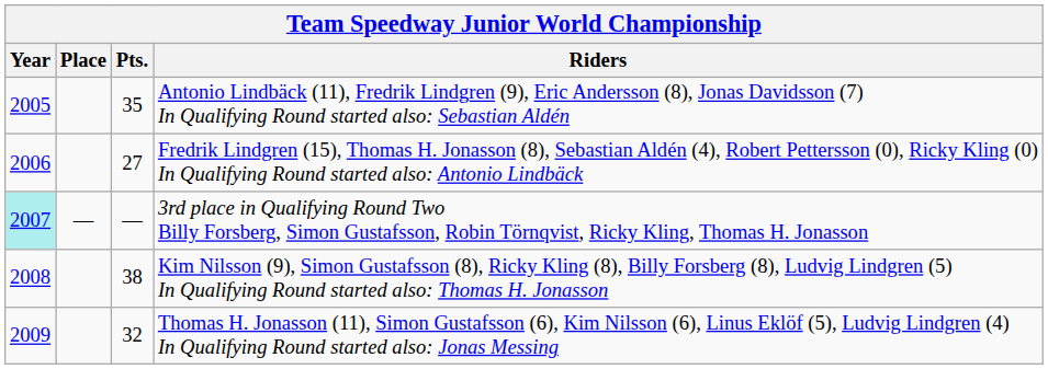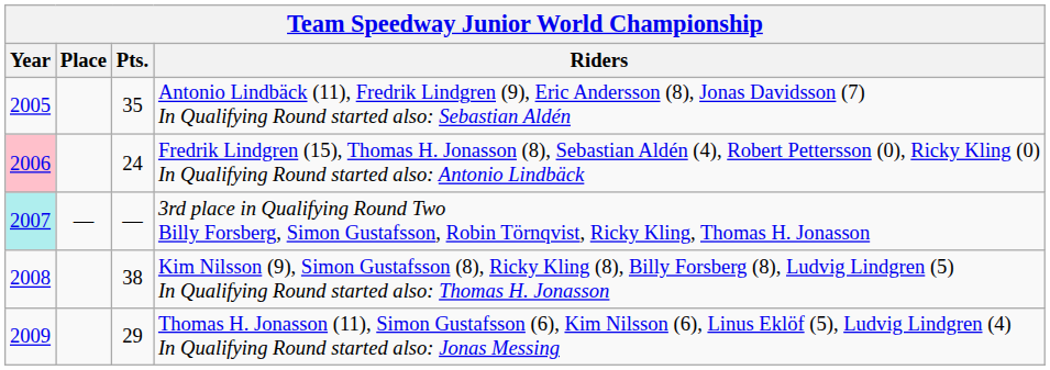 <table class=wikitable style="font-size: 90%;">
 <tr>
 <th colspan=4><big><a href='#'>Team Speedway Junior World Championship</a></big></th>
 </tr>
 <tr>
 <th>Year</th>
 <th>Place</th>
 <th>Pts.</th>
 <th>Riders</th>
 </tr>
 <tr align=center>
 <td><a href='#'>2005</a></td>
 <td></td>
 <td>35</td>
 <td align=left><a href='#'>Antonio Lindbäck</a> (11), <a href='#'>Fredrik Lindgren</a> (9), <a href='#'>Eric Andersson</a> (8), <a href='#'>Jonas Davidsson</a> (7) <br><em>In Qualifying Round started also: <a href='#'>Sebastian Aldén</a></em></td>
 </tr>
 <tr align=center>
-<td><a href='#'>2006</a></td>
+<td style="background: pink;"><a href='#'>2006</a></td>
 <td></td>
-<td>27</td>
+<td>24</td>
 <td align=left><a href='#'>Fredrik Lindgren</a> (15), <a href='#'>Thomas H. Jonasson</a> (8), <a href='#'>Sebastian Aldén</a> (4), <a href='#'>Robert Pettersson</a> (0), <a href='#'>Ricky Kling</a> (0) <br><em>In Qualifying Round started also: <a href='#'>Antonio Lindbäck</a></em></td>
 </tr>
 <tr align=center >
 <td style="background: paleturquoise;"><a href='#'>2007</a></td>
 <td>—</td>
 <td>—</td>
 <td align=left><em>3rd place in Qualifying Round Two</em> <br> <a href='#'>Billy Forsberg</a>, <a href='#'>Simon Gustafsson</a>, <a href='#'>Robin Törnqvist</a>, <a href='#'>Ricky Kling</a>, <a href='#'>Thomas H. Jonasson</a></td>
 </tr>
 <tr align=center>
 <td><a href='#'>2008</a></td>
 <td></td>
 <td>38</td>
 <td align=left><a href='#'>Kim Nilsson</a> (9), <a href='#'>Simon Gustafsson</a> (8), <a href='#'>Ricky Kling</a> (8), <a href='#'>Billy Forsberg</a> (8), <a href='#'>Ludvig Lindgren</a> (5) <br><em>In Qualifying Round started also: <a href='#'>Thomas H. Jonasson</a></em></td>
 </tr>
 <tr align=center>
 <td><a href='#'>2009</a></td>
 <td></td>
-<td>32</td>
+<td>29</td>
 <td align=left><a href='#'>Thomas H. Jonasson</a> (11), <a href='#'>Simon Gustafsson</a> (6), <a href='#'>Kim Nilsson</a> (6), <a href='#'>Linus Eklöf</a> (5), <a href='#'>Ludvig Lindgren</a> (4) <br><em>In Qualifying Round started also: <a href='#'>Jonas Messing</a></em></td>
 </tr>
 </table>
